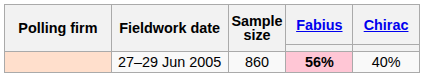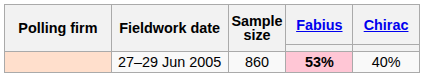 <table class="wikitable sortable" style="text-align:center;font-size:90%;line-height:14px;">
 <tr style="height:40px;">
 <th style="width:100px;" rowspan="2">Polling firm</th>
 <th style="width:110px;" rowspan="2">Fieldwork date</th>
 <th style="width:35px;" rowspan="2">Sample<br>size</th>
 <th class="unsortable" style="width:60px;"><a href='#'>Fabius</a><br></th>
 <th class="unsortable" style="width:60px;"><a href='#'>Chirac</a><br></th>
 </tr>
 <tr>
 <th style="background:"></th>
 <th style="background:"></th>
 </tr>
 <tr>
 <td style="background:#FFDFCC;"></td>
 <td data-sort-value="2005-06-29">27–29 Jun 2005</td>
 <td>860</td>
-<td style="background:#FFC6D5;"><strong>56%</strong></td>
+<td style="background:#FFC6D5;"><strong>53%</strong></td>
 <td>40%</td>
 </tr>
 </table>
